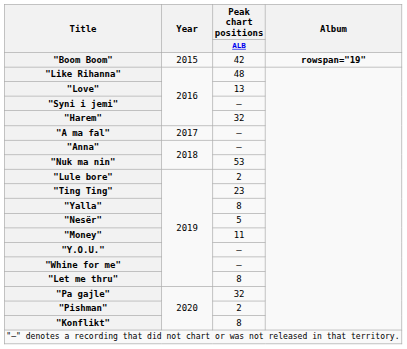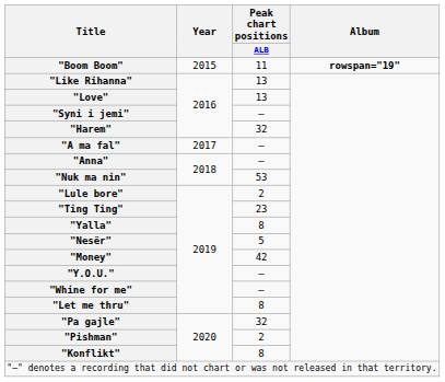 <table class="wikitable plainrowheaders" style="text-align:center;">
 <tr>
 <th scope="col" rowspan="2">Title</th>
 <th scope="col" rowspan="2">Year</th>
 <th scope="col" colspan="1">Peak<br>chart<br>positions</th>
 <th scope="col" rowspan="2">Album</th>
 </tr>
 <tr>
 <th scope="col" style="width:3em;font-size:85%;"><a href='#'>ALB</a><br></th>
 </tr>
 <tr>
 <th scope="row">"Boom Boom"</th>
 <td>2015</td>
-<td>42</td>
+<td>11</td>
 <td><strong>rowspan="19" </strong></td>
 </tr>
 <tr>
 <th scope="row">"Like Rihanna"</th>
 <td rowspan="4">2016</td>
-<td>48</td>
+<td>13</td>
 </tr>
 <tr>
 <th scope="row">"Love"</th>
 <td>13</td>
 </tr>
 <tr>
 <th scope="row">"Syni i jemi"<br></th>
 <td>—</td>
 </tr>
 <tr>
 <th scope="row">"Harem"</th>
 <td>32</td>
 </tr>
 <tr>
 <th scope="row">"A ma fal"</th>
 <td>2017</td>
 <td>—</td>
 </tr>
 <tr>
 <th scope="row">"Anna"</th>
 <td rowspan="2">2018</td>
 <td>—</td>
 </tr>
 <tr>
 <th scope="row">"Nuk ma nin"</th>
 <td>53</td>
 </tr>
 <tr>
 <th scope="row">"Lule bore"<br></th>
 <td rowspan="8">2019</td>
 <td>2</td>
 </tr>
 <tr>
 <th scope="row">"Ting Ting"</th>
 <td>23</td>
 </tr>
 <tr>
 <th scope="row">"Yalla"</th>
 <td>8</td>
 </tr>
 <tr>
 <th scope="row">"Nesër"<br></th>
 <td>5</td>
 </tr>
 <tr>
 <th scope="row">"Money"<br></th>
-<td>11</td>
+<td>42</td>
 </tr>
 <tr>
 <th scope="row">"Y.O.U."<br></th>
 <td>—</td>
 </tr>
 <tr>
 <th scope="row">"Whine for me"<br></th>
 <td>—</td>
 </tr>
 <tr>
 <th scope="row">"Let me thru"<br></th>
 <td>8</td>
 </tr>
 <tr>
 <th scope="row">"Pa gajle"<br></th>
 <td rowspan="3">2020</td>
 <td>32</td>
 </tr>
 <tr>
 <th scope="row">"Pishman"<br></th>
 <td>2</td>
 </tr>
 <tr>
 <th scope="row">"Konflikt"</th>
 <td>8</td>
 </tr>
 <tr>
 <td colspan="11" style="font-size:90%">"—" denotes a recording that did not chart or was not released in that territory.</td>
 </tr>
 </table>
